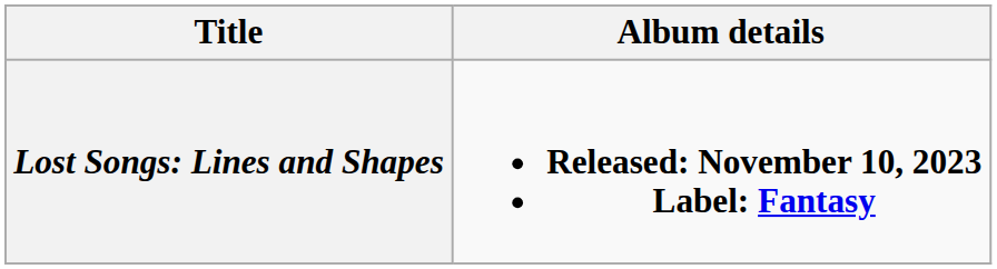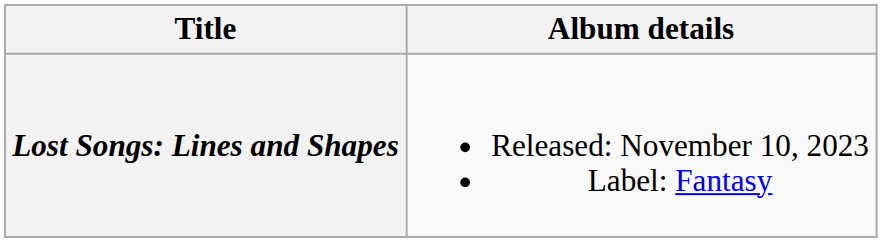 <table class="wikitable plainrowheaders" style="text-align:center;">
 <tr>
 <th scope="col">Title</th>
 <th scope="col">Album details</th>
 </tr>
 <tr>
 <th scope="row"><em>Lost Songs: Lines and Shapes</em></th>
-<td><strong><br><ul><li>Released: November 10, 2023</li><li>Label: <a href='#'>Fantasy</a></li></ul></strong></td>
+<td><br><ul><li>Released: November 10, 2023</li><li>Label: <a href='#'>Fantasy</a></li></ul></td>
 </tr>
 </table>
